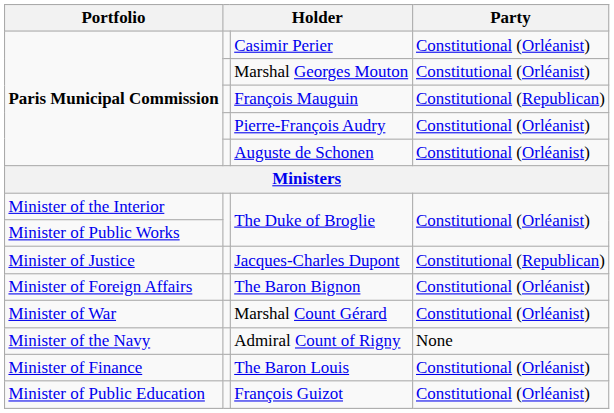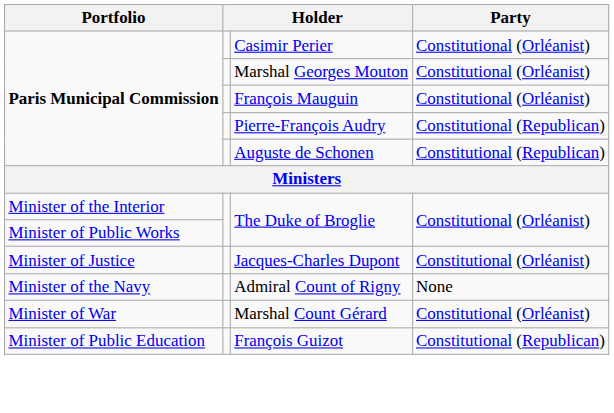 <table class="wikitable">
 <tr>
 <th>Portfolio</th>
 <th colspan=2>Holder</th>
 <th>Party</th>
 </tr>
 <tr>
 <td rowspan=5><strong>Paris Municipal Commission</strong></td>
 <td style="background:"></td>
 <td><a href='#'>Casimir Perier</a></td>
 <td><a href='#'>Constitutional</a> (<a href='#'>Orléanist</a>)</td>
 </tr>
 <tr>
 <td style="background:"></td>
 <td>Marshal <a href='#'>Georges Mouton</a></td>
 <td><a href='#'>Constitutional</a> (<a href='#'>Orléanist</a>)</td>
 </tr>
 <tr>
 <td style="background:"></td>
 <td><a href='#'>François Mauguin</a></td>
+<td><a href='#'>Constitutional</a> (<a href='#'>Orléanist</a>)</td>
+</tr>
+<tr>
+<td style="background:"></td>
+<td><a href='#'>Pierre-François Audry</a></td>
 <td><a href='#'>Constitutional</a> (<a href='#'>Republican</a>)</td>
 </tr>
 <tr>
 <td style="background:"></td>
-<td><a href='#'>Pierre-François Audry</a></td>
-<td><a href='#'>Constitutional</a> (<a href='#'>Orléanist</a>)</td>
-</tr>
-<tr>
-<td style="background:"></td>
 <td><a href='#'>Auguste de Schonen</a></td>
-<td><a href='#'>Constitutional</a> (<a href='#'>Orléanist</a>)</td>
+<td><a href='#'>Constitutional</a> (<a href='#'>Republican</a>)</td>
 </tr>
 <tr>
 <th colspan=4 align=center><a href='#'>Ministers</a></th>
 </tr>
 <tr>
 <td><a href='#'>Minister of the Interior</a></td>
 <td rowspan=2 style="background:"></td>
 <td rowspan=2><a href='#'>The Duke of Broglie</a></td>
 <td rowspan=2><a href='#'>Constitutional</a> (<a href='#'>Orléanist</a>)</td>
 </tr>
 <tr>
 <td><a href='#'>Minister of Public Works</a></td>
 </tr>
 <tr>
 <td><a href='#'>Minister of Justice</a></td>
 <td style="background:"></td>
 <td><a href='#'>Jacques-Charles Dupont</a></td>
-<td><a href='#'>Constitutional</a> (<a href='#'>Republican</a>)</td>
-</tr>
-<tr>
-<td><a href='#'>Minister of Foreign Affairs</a></td>
-<td style="background:"></td>
-<td><a href='#'>The Baron Bignon</a></td>
-<td><a href='#'>Constitutional</a> (<a href='#'>Orléanist</a>)</td>
-</tr>
-<tr>
-<td><a href='#'>Minister of War</a></td>
-<td style="background:"></td>
-<td>Marshal <a href='#'>Count Gérard</a></td>
 <td><a href='#'>Constitutional</a> (<a href='#'>Orléanist</a>)</td>
 </tr>
 <tr>
 <td><a href='#'>Minister of the Navy</a></td>
 <td style="background:"></td>
 <td>Admiral <a href='#'>Count of Rigny</a></td>
 <td>None</td>
 </tr>
 <tr>
-<td><a href='#'>Minister of Finance</a></td>
+<td><a href='#'>Minister of War</a></td>
 <td style="background:"></td>
-<td><a href='#'>The Baron Louis</a></td>
+<td>Marshal <a href='#'>Count Gérard</a></td>
 <td><a href='#'>Constitutional</a> (<a href='#'>Orléanist</a>)</td>
 </tr>
 <tr>
 <td><a href='#'>Minister of Public Education</a></td>
 <td style="background:"></td>
 <td><a href='#'>François Guizot</a></td>
-<td><a href='#'>Constitutional</a> (<a href='#'>Orléanist</a>)</td>
+<td><a href='#'>Constitutional</a> (<a href='#'>Republican</a>)</td>
 </tr>
 </table>
